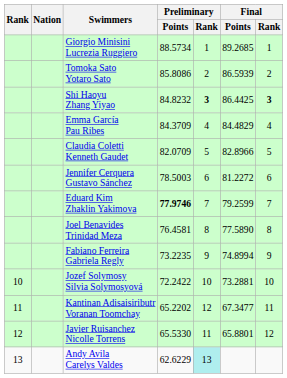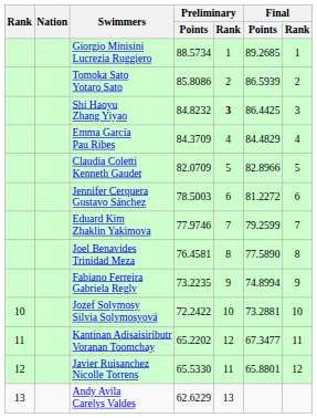 <table class="wikitable sortable" style="text-align:center">
 <tr>
 <th rowspan=2>Rank</th>
 <th rowspan=2>Nation</th>
 <th rowspan=2>Swimmers</th>
 <th colspan=2>Preliminary</th>
 <th colspan=2>Final</th>
 </tr>
 <tr>
 <th>Points</th>
 <th>Rank</th>
 <th>Points</th>
 <th>Rank</th>
 </tr>
 <tr bgcolor=ccffcc>
 <td></td>
 <td align=left></td>
 <td align=left><a href='#'>Giorgio Minisini</a><br><a href='#'>Lucrezia Ruggiero</a></td>
 <td>88.5734</td>
 <td>1</td>
 <td>89.2685</td>
 <td>1</td>
 </tr>
 <tr bgcolor=ccffcc>
 <td></td>
 <td align=left></td>
 <td align=left><a href='#'>Tomoka Sato</a><br><a href='#'>Yotaro Sato</a></td>
 <td>85.8086</td>
 <td>2</td>
 <td>86.5939</td>
 <td>2</td>
 </tr>
 <tr bgcolor=ccffcc>
 <td></td>
 <td align=left></td>
 <td align=left><a href='#'>Shi Haoyu</a><br><a href='#'>Zhang Yiyao</a></td>
 <td>84.8232</td>
 <td><strong>3</strong></td>
 <td>86.4425</td>
-<td><strong>3</strong></td>
+<td>3</td>
 </tr>
 <tr bgcolor=ccffcc>
 <td></td>
 <td align=left></td>
 <td align=left><a href='#'>Emma García</a><br><a href='#'>Pau Ribes</a></td>
 <td>84.3709</td>
 <td>4</td>
 <td>84.4829</td>
 <td>4</td>
 </tr>
 <tr bgcolor=ccffcc>
 <td></td>
 <td align=left></td>
 <td align=left><a href='#'>Claudia Coletti</a><br><a href='#'>Kenneth Gaudet</a></td>
 <td>82.0709</td>
 <td>5</td>
 <td>82.8966</td>
 <td>5</td>
 </tr>
 <tr bgcolor=ccffcc>
 <td></td>
 <td align=left></td>
 <td align=left><a href='#'>Jennifer Cerquera</a><br><a href='#'>Gustavo Sánchez</a></td>
 <td>78.5003</td>
 <td>6</td>
 <td>81.2272</td>
 <td>6</td>
 </tr>
 <tr bgcolor=ccffcc>
 <td></td>
 <td align=left></td>
 <td align=left><a href='#'>Eduard Kim</a><br><a href='#'>Zhaklin Yakimova</a></td>
-<td><strong>77.9746</strong></td>
+<td>77.9746</td>
 <td>7</td>
 <td>79.2599</td>
 <td>7</td>
 </tr>
 <tr bgcolor=ccffcc>
 <td></td>
 <td align=left></td>
 <td align=left><a href='#'>Joel Benavides</a><br><a href='#'>Trinidad Meza</a></td>
 <td>76.4581</td>
 <td>8</td>
 <td>77.5890</td>
 <td>8</td>
 </tr>
 <tr bgcolor=ccffcc>
 <td></td>
 <td align=left></td>
 <td align=left><a href='#'>Fabiano Ferreira</a><br><a href='#'>Gabriela Regly</a></td>
 <td>73.2235</td>
 <td>9</td>
 <td>74.8994</td>
 <td>9</td>
 </tr>
 <tr bgcolor=ccffcc>
 <td>10</td>
 <td align=left></td>
 <td align=left><a href='#'>Jozef Solymosy</a><br><a href='#'>Silvia Solymosyová</a></td>
 <td>72.2422</td>
 <td>10</td>
 <td>73.2881</td>
 <td>10</td>
 </tr>
 <tr bgcolor=ccffcc>
 <td>11</td>
 <td align=left></td>
 <td align=left><a href='#'>Kantinan Adisaisiributr</a><br><a href='#'>Voranan Toomchay</a></td>
 <td>65.2202</td>
 <td>12</td>
 <td>67.3477</td>
 <td>11</td>
 </tr>
 <tr bgcolor=ccffcc>
 <td>12</td>
 <td align=left></td>
 <td align=left><a href='#'>Javier Ruisanchez</a><br><a href='#'>Nicolle Torrens</a></td>
 <td>65.5330</td>
 <td>11</td>
 <td>65.8801</td>
 <td>12</td>
 </tr>
 <tr>
 <td>13</td>
 <td align=left></td>
 <td align=left><a href='#'>Andy Avila</a><br><a href='#'>Carelys Valdes</a></td>
 <td>62.6229</td>
-<td style="background: paleturquoise;">13</td>
+<td>13</td>
 <td></td>
 <td></td>
 </tr>
 </table>
